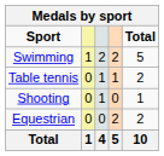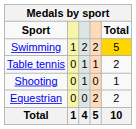 <table class="wikitable" border="1" style="font-size:85%; float:down">
 <tr bgcolor=#efefef>
 <th colspan=7>Medals by sport</th>
 </tr>
 <tr align=center>
 <td><strong>Sport</strong></td>
 <td bgcolor=#f7f6a8></td>
 <td bgcolor=#dce5e5></td>
 <td bgcolor=#ffdab9></td>
 <td><strong>Total</strong></td>
 </tr>
 <tr align=center>
 <td><a href='#'>Swimming</a></td>
 <td bgcolor=#f7f6a8>1</td>
 <td bgcolor=#dce5e5>2</td>
 <td bgcolor=#ffdab9>2</td>
-<td>5</td>
+<td style="background: gold;">5</td>
 </tr>
 <tr align=center>
 <td><a href='#'>Table tennis</a></td>
 <td bgcolor=#f7f6a8>0</td>
 <td bgcolor=#dce5e5>1</td>
 <td bgcolor=#ffdab9>1</td>
 <td>2</td>
 </tr>
 <tr align=center>
 <td><a href='#'>Shooting</a></td>
 <td bgcolor=#f7f6a8>0</td>
 <td bgcolor=#dce5e5>1</td>
 <td bgcolor=#ffdab9>0</td>
 <td>1</td>
 </tr>
 <tr align=center>
 <td><a href='#'>Equestrian</a></td>
 <td bgcolor=#f7f6a8>0</td>
 <td bgcolor=#dce5e5>0</td>
 <td bgcolor=#ffdab9>2</td>
 <td>2</td>
 </tr>
 <tr align=center>
 <th>Total</th>
 <th bgcolor=gold>1</th>
 <th bgcolor=silver>4</th>
 <th bgcolor=#c96>5</th>
 <th>10</th>
 </tr>
 </table>
